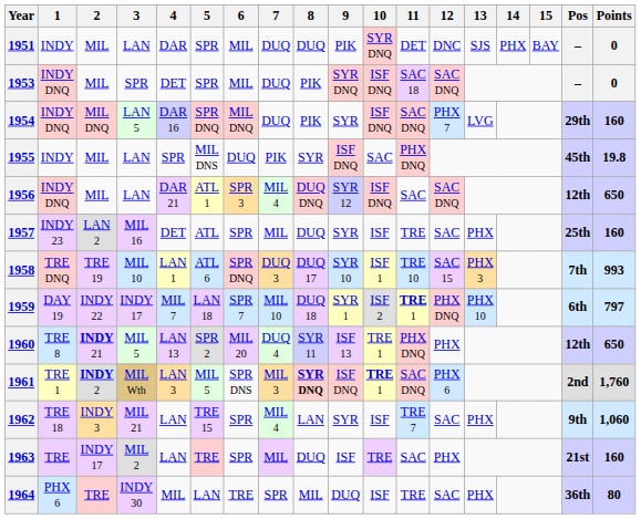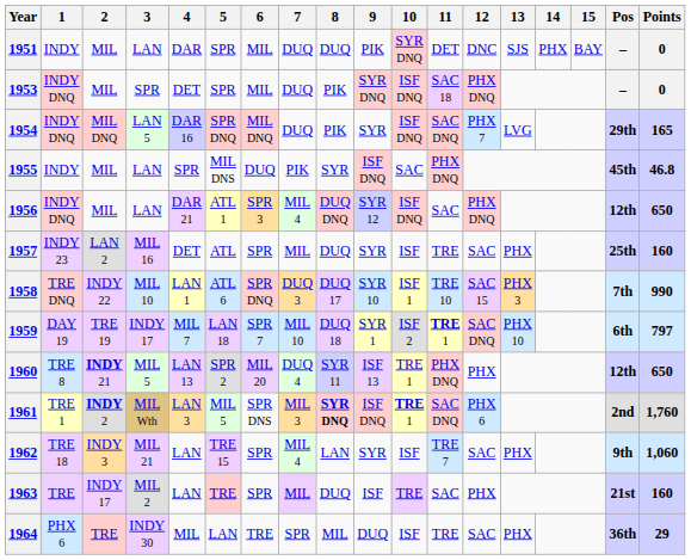 <table class="wikitable" style="text-align:center; font-size:90%">
 <tr>
 <th>Year</th>
 <th>1</th>
 <th>2</th>
 <th>3</th>
 <th>4</th>
 <th>5</th>
 <th>6</th>
 <th>7</th>
 <th>8</th>
 <th>9</th>
 <th>10</th>
 <th>11</th>
 <th>12</th>
 <th>13</th>
 <th>14</th>
 <th>15</th>
 <th>Pos</th>
 <th>Points</th>
 </tr>
 <tr>
 <th rowspan=1><a href='#'>1951</a></th>
 <td><a href='#'>INDY</a></td>
 <td><a href='#'>MIL</a></td>
 <td><a href='#'>LAN</a></td>
 <td><a href='#'>DAR</a></td>
 <td><a href='#'>SPR</a></td>
 <td><a href='#'>MIL</a></td>
 <td><a href='#'>DUQ</a></td>
 <td><a href='#'>DUQ</a></td>
 <td><a href='#'>PIK</a></td>
 <td style="background:#FFCFCF;"><a href='#'>SYR</a><br><small>DNQ</small></td>
 <td><a href='#'>DET</a></td>
 <td><a href='#'>DNC</a></td>
 <td><a href='#'>SJS</a></td>
 <td><a href='#'>PHX</a></td>
 <td><a href='#'>BAY</a></td>
 <th>–</th>
 <th>0</th>
 </tr>
 <tr>
 <th rowspan=1><a href='#'>1953</a></th>
 <td style="background:#FFCFCF;"><a href='#'>INDY</a><br><small>DNQ</small></td>
 <td><a href='#'>MIL</a><br><small> </small></td>
 <td><a href='#'>SPR</a><br><small> </small></td>
 <td><a href='#'>DET</a><br><small> </small></td>
 <td><a href='#'>SPR</a><br><small> </small></td>
 <td><a href='#'>MIL</a><br><small> </small></td>
 <td><a href='#'>DUQ</a><br><small> </small></td>
 <td><a href='#'>PIK</a></td>
 <td style="background:#FFCFCF;"><a href='#'>SYR</a><br><small>DNQ</small></td>
 <td style="background:#FFCFCF;"><a href='#'>ISF</a><br><small>DNQ</small></td>
 <td style="background:#EFCFFF;"><a href='#'>SAC</a><br><small>18</small></td>
-<td style="background:#ffcfcf;"><a href='#'>SAC</a><br><small>DNQ</small></td>
+<td style="background:#FFCFCF;"><a href='#'>PHX</a><br><small>DNQ</small></td>
 <td colspan=3></td>
 <th>–</th>
 <th>0</th>
 </tr>
 <tr>
 <th rowspan=1><a href='#'>1954</a></th>
 <td style="background:#FFCFCF;"><a href='#'>INDY</a><br><small>DNQ</small></td>
 <td style="background:#FFCFCF;"><a href='#'>MIL</a><br><small>DNQ</small></td>
 <td style="background:#DFFFDF;"><a href='#'>LAN</a><br><small>5</small></td>
 <td style="background:#CFCFFF;"><a href='#'>DAR</a><br><small>16</small></td>
 <td style="background:#FFCFCF;"><a href='#'>SPR</a><br><small>DNQ</small></td>
 <td style="background:#FFCFCF;"><a href='#'>MIL</a><br><small>DNQ</small></td>
 <td><a href='#'>DUQ</a><br><small> </small></td>
 <td><a href='#'>PIK</a></td>
 <td><a href='#'>SYR</a><br><small> </small></td>
 <td style="background:#FFCFCF;"><a href='#'>ISF</a><br><small>DNQ</small></td>
 <td style="background:#FFCFCF;"><a href='#'>SAC</a><br><small>DNQ</small></td>
 <td style="background:#CFEAFF;"><a href='#'>PHX</a><br><small>7</small></td>
 <td><a href='#'>LVG</a><br><small> </small></td>
 <td colspan=2></td>
 <th style="background:#CFCFFF;">29th</th>
-<th style="background:#CFCFFF;">160</th>
+<th style="background:#CFCFFF;">165</th>
 </tr>
 <tr>
 <th rowspan=1><a href='#'>1955</a></th>
 <td><a href='#'>INDY</a><br><small> </small></td>
 <td><a href='#'>MIL</a><br><small> </small></td>
 <td><a href='#'>LAN</a></td>
 <td><a href='#'>SPR</a></td>
 <td><a href='#'>MIL</a><br><small>DNS</small></td>
 <td><a href='#'>DUQ</a></td>
 <td><a href='#'>PIK</a></td>
 <td><a href='#'>SYR</a></td>
 <td style="background:#FFCFCF;"><a href='#'>ISF</a><br><small>DNQ</small></td>
 <td><a href='#'>SAC</a></td>
 <td style="background:#FFCFCF;"><a href='#'>PHX</a><br><small>DNQ</small></td>
 <td colspan=4></td>
 <th style="background:#CFCFFF;">45th</th>
-<th style="background:#CFCFFF;">19.8</th>
+<th style="background:#CFCFFF;">46.8</th>
 </tr>
 <tr>
 <th rowspan=1><a href='#'>1956</a></th>
 <td style="background:#FFCFCF;"><a href='#'>INDY</a><br><small>DNQ</small></td>
 <td><a href='#'>MIL</a><br><small> </small></td>
 <td><a href='#'>LAN</a><br><small> </small></td>
 <td style="background:#EFCFFF;"><a href='#'>DAR</a><br><small>21</small></td>
 <td style="background:#FFFFBF;"><a href='#'>ATL</a><br><small>1</small></td>
 <td style="background:#FFDF9F;"><a href='#'>SPR</a><br><small>3</small></td>
 <td style="background:#DFFFDF;"><a href='#'>MIL</a><br><small>4</small></td>
 <td style="background:#FFCFCF;"><a href='#'>DUQ</a><br><small>DNQ</small></td>
 <td style="background:#CFCFFF;"><a href='#'>SYR</a><br><small>12</small></td>
 <td style="background:#FFCFCF;"><a href='#'>ISF</a><br><small>DNQ</small></td>
 <td><a href='#'>SAC</a><br><small> </small></td>
-<td style="background:#ffcfcf;"><a href='#'>SAC</a><br><small>DNQ</small></td>
+<td style="background:#FFCFCF;"><a href='#'>PHX</a><br><small>DNQ</small></td>
 <td colspan=3></td>
 <th style="background:#CFCFFF;">12th</th>
 <th style="background:#CFCFFF;">650</th>
 </tr>
 <tr>
 <th rowspan=1><a href='#'>1957</a></th>
 <td style="background:#EFCFFF;"><a href='#'>INDY</a><br><small>23</small></td>
 <td style="background:#DFDFDF;"><a href='#'>LAN</a><br><small>2</small></td>
 <td style="background:#EFCFFF;"><a href='#'>MIL</a><br><small>16</small></td>
 <td><a href='#'>DET</a><br><small> </small></td>
 <td><a href='#'>ATL</a><br><small> </small></td>
 <td><a href='#'>SPR</a><br><small> </small></td>
 <td><a href='#'>MIL</a><br><small> </small></td>
 <td><a href='#'>DUQ</a><br><small> </small></td>
 <td><a href='#'>SYR</a><br><small> </small></td>
 <td><a href='#'>ISF</a><br><small> </small></td>
 <td><a href='#'>TRE</a><br><small></small></td>
 <td><a href='#'>SAC</a><br><small> </small></td>
 <td><a href='#'>PHX</a><br><small> </small></td>
 <td colspan=2></td>
 <th style="background:#CFCFFF;">25th</th>
 <th style="background:#CFCFFF;">160</th>
 </tr>
 <tr>
 <th rowspan=1><a href='#'>1958</a></th>
 <td style="background:#FFCFCF;"><a href='#'>TRE</a><br><small>DNQ</small></td>
-<td style="background:#efcfff;"><a href='#'>TRE</a><br><small>19</small></td>
+<td style="background:#EFCFFF;"><a href='#'>INDY</a><br><small>22</small></td>
 <td style="background:#CFEAFF;"><a href='#'>MIL</a><br><small>10</small></td>
 <td style="background:#FFFFBF;"><a href='#'>LAN</a><br><small>1</small></td>
 <td style="background:#CFEAFF;"><a href='#'>ATL</a><br><small>6</small></td>
 <td style="background:#FFCFCF;"><a href='#'>SPR</a><br><small>DNQ</small></td>
 <td style="background:#FFDF9F;"><a href='#'>DUQ</a><br><small>3</small></td>
 <td style="background:#EFCFFF;"><a href='#'>DUQ</a><br><small>17</small></td>
 <td style="background:#CFEAFF;"><a href='#'>SYR</a><br><small>10</small></td>
 <td style="background:#FFFFBF;"><a href='#'>ISF</a><br><small>1</small></td>
 <td style="background:#CFEAFF;"><a href='#'>TRE</a><br><small>10</small></td>
 <td style="background:#EFCFFF;"><a href='#'>SAC</a><br><small>15</small></td>
 <td style="background:#FFDF9F;"><a href='#'>PHX</a><br><small>3</small></td>
 <td colspan=2></td>
 <th style="background:#CFEAFF;">7th</th>
-<th style="background:#CFEAFF;">993</th>
+<th style="background:#CFEAFF;">990</th>
 </tr>
 <tr>
 <th rowspan=1><a href='#'>1959</a></th>
 <td style="background:#efcfff;"><a href='#'>DAY</a><br><small>19</small></td>
-<td style="background:#EFCFFF;"><a href='#'>INDY</a><br><small>22</small></td>
+<td style="background:#efcfff;"><a href='#'>TRE</a><br><small>19</small></td>
 <td style="background:#efcfff;"><a href='#'>INDY</a><br><small>17</small></td>
 <td style="background:#cfeaff;"><a href='#'>MIL</a><br><small>7</small></td>
 <td style="background:#efcfff;"><a href='#'>LAN</a><br><small>18</small></td>
 <td style="background:#cfeaff;"><a href='#'>SPR</a><br><small>7</small></td>
 <td style="background:#cfeaff;"><a href='#'>MIL</a><br><small>10</small></td>
 <td style="background:#efcfff;"><a href='#'>DUQ</a><br><small>18</small></td>
 <td style="background:#ffffbf;"><a href='#'>SYR</a><br><small>1</small></td>
 <td style="background:#dfdfdf;"><a href='#'>ISF</a><br><small>2</small></td>
 <td style="background:#ffffbf;"><strong><a href='#'>TRE</a><br></strong><small>1</small></td>
-<td style="background:#FFCFCF;"><a href='#'>PHX</a><br><small>DNQ</small></td>
+<td style="background:#ffcfcf;"><a href='#'>SAC</a><br><small>DNQ</small></td>
 <td style="background:#cfeaff;"><a href='#'>PHX</a><br><small>10</small></td>
 <td colspan=2></td>
 <th style="background:#CFEAFF;">6th</th>
 <th style="background:#CFEAFF;">797</th>
 </tr>
 <tr>
 <th><a href='#'>1960</a></th>
 <td style="background:#CFEAFF;"><a href='#'>TRE</a><br><small>8</small></td>
 <td style="background:#EFCFFF;"><strong><a href='#'>INDY</a><br></strong><small>21</small></td>
 <td style="background:#DFFFDF;"><a href='#'>MIL</a><br><small>5</small></td>
 <td style="background:#EFCFFF;"><a href='#'>LAN</a><br><small>13</small></td>
 <td style="background:#DFDFDF;"><a href='#'>SPR</a><br><small>2</small></td>
 <td style="background:#EFCFFF;"><a href='#'>MIL</a><br><small>20</small></td>
 <td style="background:#DFFFDF;"><a href='#'>DUQ</a><br><small>4</small></td>
 <td style="background:#CFCFFF;"><a href='#'>SYR</a><br><small>11</small></td>
 <td style="background:#EFCFFF;"><a href='#'>ISF</a><br><small>13</small></td>
 <td style="background:#FFFFBF;"><a href='#'>TRE</a><br><small>1</small></td>
 <td style="background:#FFCFCF;"><a href='#'>PHX</a><br><small>DNQ</small></td>
 <td><a href='#'>PHX</a><br><small> </small></td>
 <td colspan=3></td>
 <th style="background:#CFCFFF;">12th</th>
 <th style="background:#CFCFFF;">650</th>
 </tr>
 <tr>
 <th><a href='#'>1961</a></th>
 <td style="background:#FFFFBF;"><a href='#'>TRE</a><br><small>1</small></td>
 <td style="background:#DFDFDF;"><strong><a href='#'>INDY</a><br></strong><small>2</small></td>
 <td style="background:#DFC484;"><a href='#'>MIL</a><br><small>Wth</small></td>
 <td style="background:#FFDF9F;"><a href='#'>LAN</a><br><small>3</small></td>
 <td style="background:#DFFFDF;"><a href='#'>MIL</a><br><small>5</small></td>
 <td><a href='#'>SPR</a><br><small>DNS</small></td>
 <td style="background:#FFDF9F;"><a href='#'>MIL</a><br><small>3</small></td>
 <td style="background:#FFCFCF;"><strong><a href='#'>SYR</a><br><small>DNQ</small></strong></td>
 <td style="background:#FFCFCF;"><a href='#'>ISF</a><br><small>DNQ</small></td>
 <td style="background:#FFFFBF;"><strong><a href='#'>TRE</a><br></strong><small>1</small></td>
 <td style="background:#FFCFCF;"><a href='#'>SAC</a><br><small>DNQ</small></td>
 <td style="background:#CFEAFF;"><a href='#'>PHX</a><br><small>6</small></td>
 <td colspan=3></td>
 <th style="background:#DFDFDF;">2nd</th>
 <th style="background:#DFDFDF;">1,760</th>
 </tr>
 <tr>
 <th><a href='#'>1962</a></th>
 <td style="background:#EFCFFF;"><a href='#'>TRE</a><br><small>18</small></td>
 <td style="background:#FFDF9F;"><a href='#'>INDY</a><br><small>3</small></td>
 <td style="background:#EFCFFF;"><a href='#'>MIL</a><br><small>21</small></td>
 <td><a href='#'>LAN</a><br><small> </small></td>
 <td style="background:#EFCFFF;"><a href='#'>TRE</a><br><small>15</small></td>
 <td><a href='#'>SPR</a><br><small> </small></td>
 <td style="background:#DFFFDF;"><a href='#'>MIL</a><br><small>4</small></td>
 <td><a href='#'>LAN</a><br><small> </small></td>
 <td><a href='#'>SYR</a><br><small> </small></td>
 <td><a href='#'>ISF</a><br><small> </small></td>
 <td style="background:#CFEAFF;"><a href='#'>TRE</a><br><small>7</small></td>
 <td><a href='#'>SAC</a> <br><small> </small></td>
 <td><a href='#'>PHX</a><br><small> </small></td>
 <td colspan=2></td>
 <th style="background:#CFEAFF;">9th</th>
 <th style="background:#CFEAFF;">1,060</th>
 </tr>
 <tr>
 <th><a href='#'>1963</a></th>
 <td style="background:#EFCFFF;"><a href='#'>TRE</a><br></td>
 <td style="background:#EFCFFF;"><a href='#'>INDY</a><br><small>17</small></td>
 <td style="background:#DFDFDF;"><a href='#'>MIL</a><br><small>2</small></td>
 <td><a href='#'>LAN</a></td>
 <td style="background:#FFCFCF;"><a href='#'>TRE</a><br></td>
 <td><a href='#'>SPR</a></td>
 <td style="background:#EFCFFF;"><a href='#'>MIL</a><br></td>
 <td><a href='#'>DUQ</a></td>
 <td><a href='#'>ISF</a></td>
 <td style="background:#EFCFFF;"><a href='#'>TRE</a><br></td>
 <td><a href='#'>SAC</a></td>
 <td><a href='#'>PHX</a></td>
 <td colspan=3></td>
 <th style="background:#CFCFFF;">21st</th>
 <th style="background:#CFCFFF;">160</th>
 </tr>
 <tr>
 <th><a href='#'>1964</a></th>
 <td style="background:#CFEAFF;"><a href='#'>PHX</a><br><small>6</small></td>
 <td style="background:#FFCFCF;"><a href='#'>TRE</a><br></td>
 <td style="background:#EFCFFF;"><a href='#'>INDY</a><br><small>30</small></td>
 <td><a href='#'>MIL</a><br><small> </small></td>
 <td><a href='#'>LAN</a></td>
 <td><a href='#'>TRE</a><br></td>
 <td><a href='#'>SPR</a></td>
 <td><a href='#'>MIL</a><br></td>
 <td><a href='#'>DUQ</a></td>
 <td><a href='#'>ISF</a></td>
 <td><a href='#'>TRE</a></td>
 <td><a href='#'>SAC</a></td>
 <td><a href='#'>PHX</a></td>
 <td colspan=2></td>
 <th style="background:#CFCFFF;">36th</th>
-<th style="background:#CFCFFF;">80</th>
+<th style="background:#CFCFFF;">29</th>
 </tr>
 </table>
